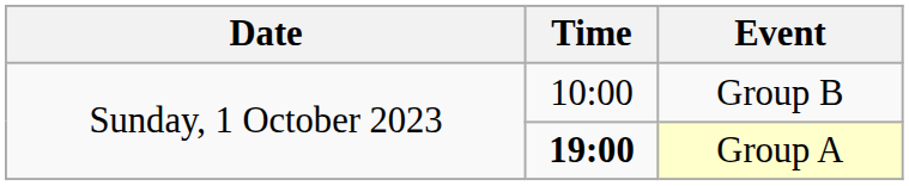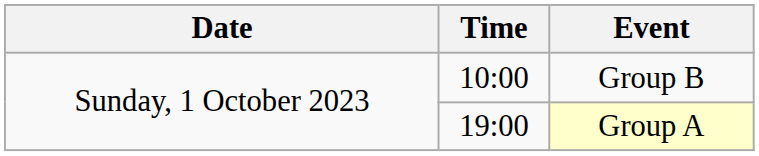 <table class="wikitable" style="text-align:center;">
 <tr>
 <th width=220>Date</th>
 <th width=50>Time</th>
 <th width=100>Event</th>
 </tr>
 <tr>
 <td rowspan=2>Sunday, 1 October 2023</td>
 <td>10:00</td>
 <td>Group B</td>
 </tr>
 <tr>
-<td><strong>19:00</strong></td>
+<td>19:00</td>
 <td bgcolor="ffffcc">Group A</td>
 </tr>
 </table>
